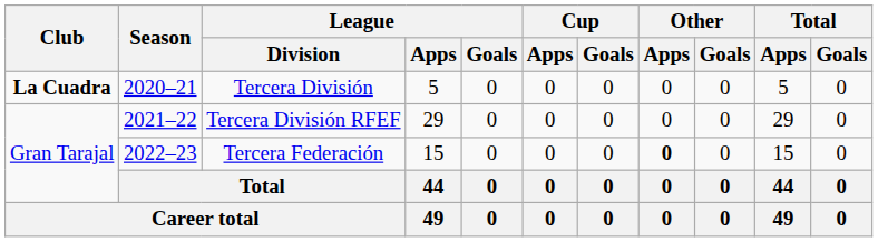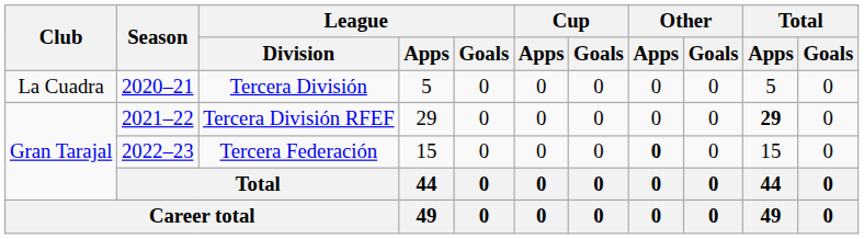 <table class="wikitable" style="text-align: center;">
 <tr>
 <th rowspan=2>Club</th>
 <th rowspan=2>Season</th>
 <th colspan=3>League</th>
 <th colspan=2>Cup</th>
 <th colspan=2>Other</th>
 <th colspan=2>Total</th>
 </tr>
 <tr>
 <th>Division</th>
 <th>Apps</th>
 <th>Goals</th>
 <th>Apps</th>
 <th>Goals</th>
 <th>Apps</th>
 <th>Goals</th>
 <th>Apps</th>
 <th>Goals</th>
 </tr>
 <tr>
-<td><strong>La Cuadra</strong></td>
+<td>La Cuadra</td>
 <td><a href='#'>2020–21</a></td>
 <td><a href='#'>Tercera División</a></td>
 <td>5</td>
 <td>0</td>
 <td>0</td>
 <td>0</td>
 <td>0</td>
 <td>0</td>
 <td>5</td>
 <td>0</td>
 </tr>
 <tr>
 <td rowspan=3><a href='#'>Gran Tarajal</a></td>
 <td><a href='#'>2021–22</a></td>
 <td><a href='#'>Tercera División RFEF</a></td>
 <td>29</td>
 <td>0</td>
 <td>0</td>
 <td>0</td>
 <td>0</td>
 <td>0</td>
-<td>29</td>
+<td><strong>29</strong></td>
 <td>0</td>
 </tr>
 <tr>
 <td><a href='#'>2022–23</a></td>
 <td><a href='#'>Tercera Federación</a></td>
 <td>15</td>
 <td>0</td>
 <td>0</td>
 <td>0</td>
 <td><strong>0</strong></td>
 <td>0</td>
 <td>15</td>
 <td>0</td>
 </tr>
 <tr>
 <th colspan=2>Total</th>
 <th>44</th>
 <th>0</th>
 <th>0</th>
 <th>0</th>
 <th>0</th>
 <th>0</th>
 <th>44</th>
 <th>0</th>
 </tr>
 <tr>
 <th colspan=3>Career total</th>
 <th>49</th>
 <th>0</th>
 <th>0</th>
 <th>0</th>
 <th>0</th>
 <th>0</th>
 <th>49</th>
 <th>0</th>
 </tr>
 </table>
